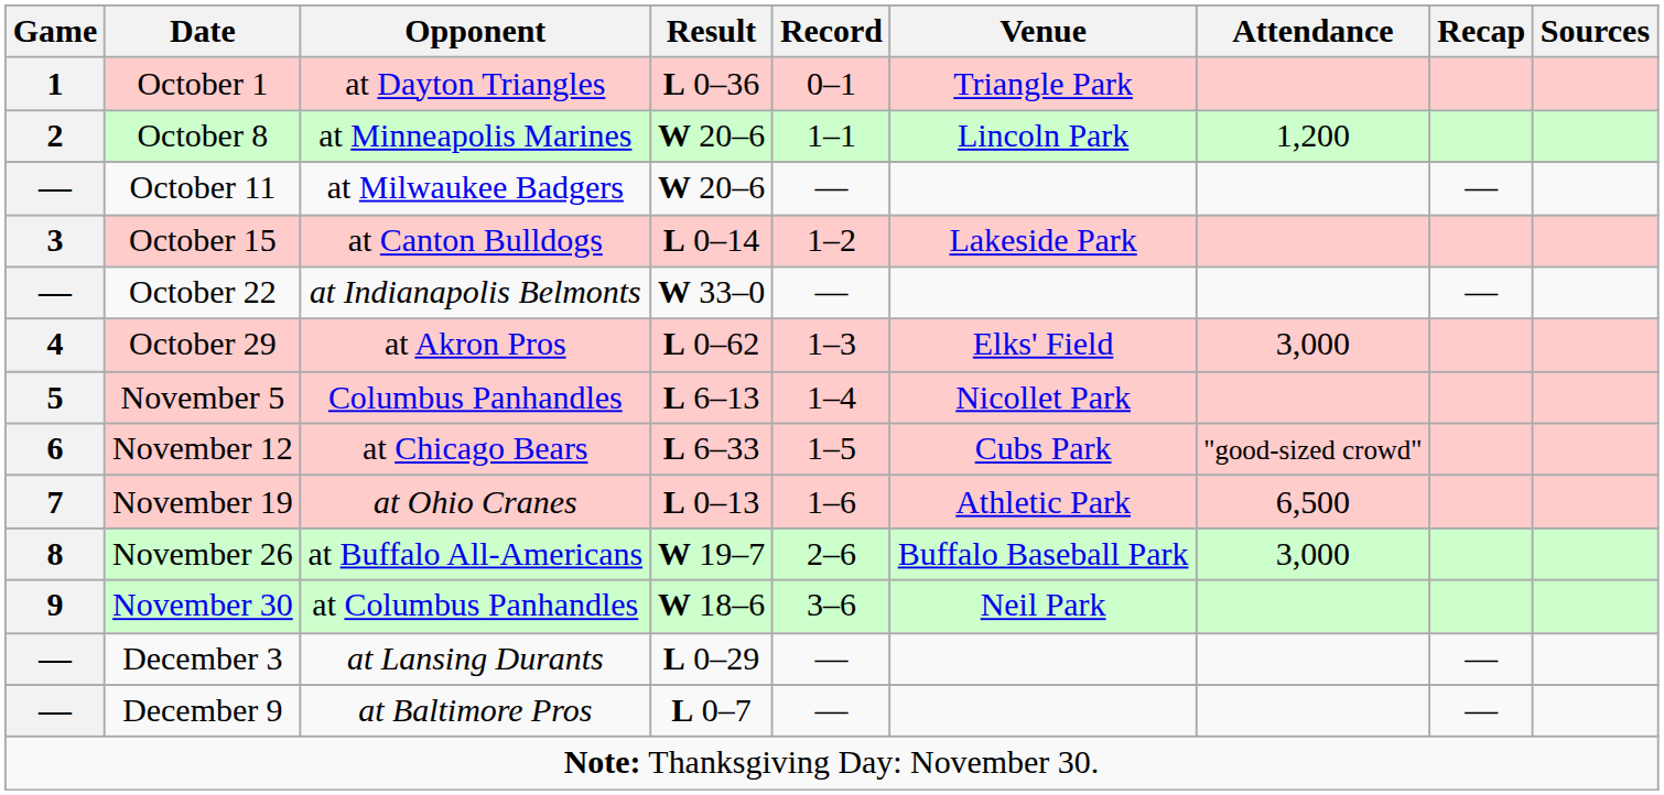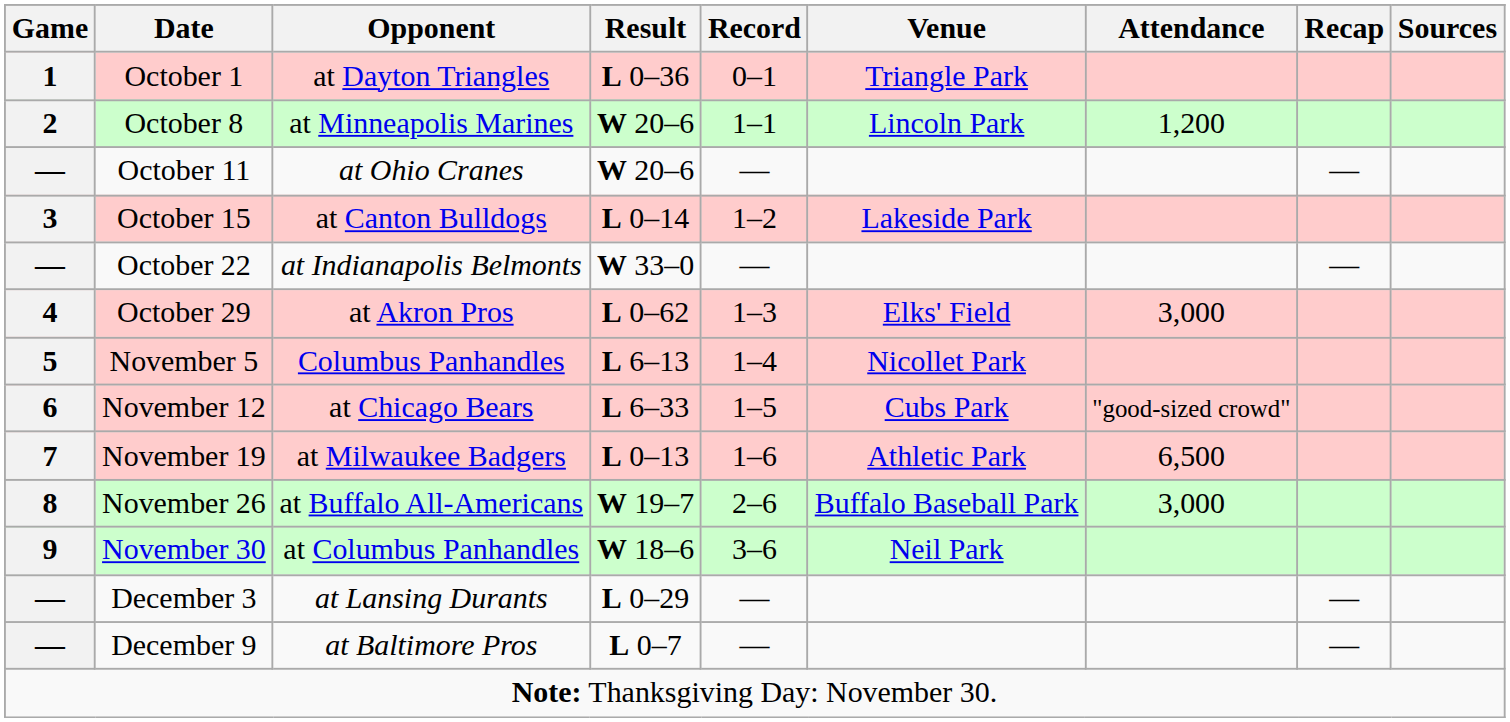 <table class="wikitable" style="text-align:center">
 <tr>
 <th>Game</th>
 <th>Date</th>
 <th>Opponent</th>
 <th>Result</th>
 <th>Record</th>
 <th>Venue</th>
 <th>Attendance</th>
 <th>Recap</th>
 <th>Sources</th>
 </tr>
 <tr style="background:#fcc">
 <th>1</th>
 <td>October 1</td>
 <td>at <a href='#'>Dayton Triangles</a></td>
 <td><strong>L</strong> 0–36</td>
 <td>0–1</td>
 <td><a href='#'>Triangle Park</a></td>
 <td></td>
 <td></td>
 <td></td>
 </tr>
 <tr style="background:#cfc">
 <th>2</th>
 <td>October 8</td>
 <td>at <a href='#'>Minneapolis Marines</a></td>
 <td><strong>W</strong> 20–6</td>
 <td>1–1</td>
 <td><a href='#'>Lincoln Park</a></td>
 <td>1,200</td>
 <td></td>
 <td></td>
 </tr>
 <tr>
 <th>—</th>
 <td>October 11</td>
-<td>at <a href='#'>Milwaukee Badgers</a></td>
+<td><em>at Ohio Cranes</em></td>
 <td><strong>W</strong> 20–6</td>
 <td>—</td>
 <td></td>
 <td></td>
 <td>—</td>
 <td></td>
 </tr>
 <tr style="background:#fcc">
 <th>3</th>
 <td>October 15</td>
 <td>at <a href='#'>Canton Bulldogs</a></td>
 <td><strong>L</strong> 0–14</td>
 <td>1–2</td>
 <td><a href='#'>Lakeside Park</a></td>
 <td></td>
 <td></td>
 <td></td>
 </tr>
 <tr>
 <th>—</th>
 <td>October 22</td>
 <td><em>at Indianapolis Belmonts</em></td>
 <td><strong>W</strong> 33–0</td>
 <td>—</td>
 <td></td>
 <td></td>
 <td>—</td>
 <td></td>
 </tr>
 <tr style="background:#fcc">
 <th>4</th>
 <td>October 29</td>
 <td>at <a href='#'>Akron Pros</a></td>
 <td><strong>L</strong> 0–62</td>
 <td>1–3</td>
 <td><a href='#'>Elks' Field</a></td>
 <td>3,000</td>
 <td></td>
 <td></td>
 </tr>
 <tr style="background:#fcc">
 <th>5</th>
 <td>November 5</td>
 <td><a href='#'>Columbus Panhandles</a></td>
 <td><strong>L</strong> 6–13</td>
 <td>1–4</td>
 <td><a href='#'>Nicollet Park</a></td>
 <td></td>
 <td></td>
 <td></td>
 </tr>
 <tr style="background:#fcc">
 <th>6</th>
 <td>November 12</td>
 <td>at <a href='#'>Chicago Bears</a></td>
 <td><strong>L</strong> 6–33</td>
 <td>1–5</td>
 <td><a href='#'>Cubs Park</a></td>
 <td><small>"good-sized crowd"</small></td>
 <td></td>
 <td></td>
 </tr>
 <tr style="background:#fcc">
 <th>7</th>
 <td>November 19</td>
-<td><em>at Ohio Cranes</em></td>
+<td>at <a href='#'>Milwaukee Badgers</a></td>
 <td><strong>L</strong> 0–13</td>
 <td>1–6</td>
 <td><a href='#'>Athletic Park</a></td>
 <td>6,500</td>
 <td></td>
 <td></td>
 </tr>
 <tr style="background:#cfc">
 <th>8</th>
 <td>November 26</td>
 <td>at <a href='#'>Buffalo All-Americans</a></td>
 <td><strong>W</strong> 19–7</td>
 <td>2–6</td>
 <td><a href='#'>Buffalo Baseball Park</a></td>
 <td>3,000</td>
 <td></td>
 <td></td>
 </tr>
 <tr style="background:#cfc">
 <th>9</th>
 <td><a href='#'>November 30</a></td>
 <td>at <a href='#'>Columbus Panhandles</a></td>
 <td><strong>W</strong> 18–6</td>
 <td>3–6</td>
 <td><a href='#'>Neil Park</a></td>
 <td></td>
 <td></td>
 <td></td>
 </tr>
 <tr>
 <th>—</th>
 <td>December 3</td>
 <td><em>at Lansing Durants</em></td>
 <td><strong>L</strong> 0–29</td>
 <td>—</td>
 <td></td>
 <td></td>
 <td>—</td>
 <td></td>
 </tr>
 <tr>
 <th>—</th>
 <td>December 9</td>
 <td><em>at Baltimore Pros</em></td>
 <td><strong>L</strong> 0–7</td>
 <td>—</td>
 <td></td>
 <td></td>
 <td>—</td>
 <td></td>
 </tr>
 <tr>
 <td colspan="10"><strong>Note:</strong> Thanksgiving Day: November 30.</td>
 </tr>
 </table>
